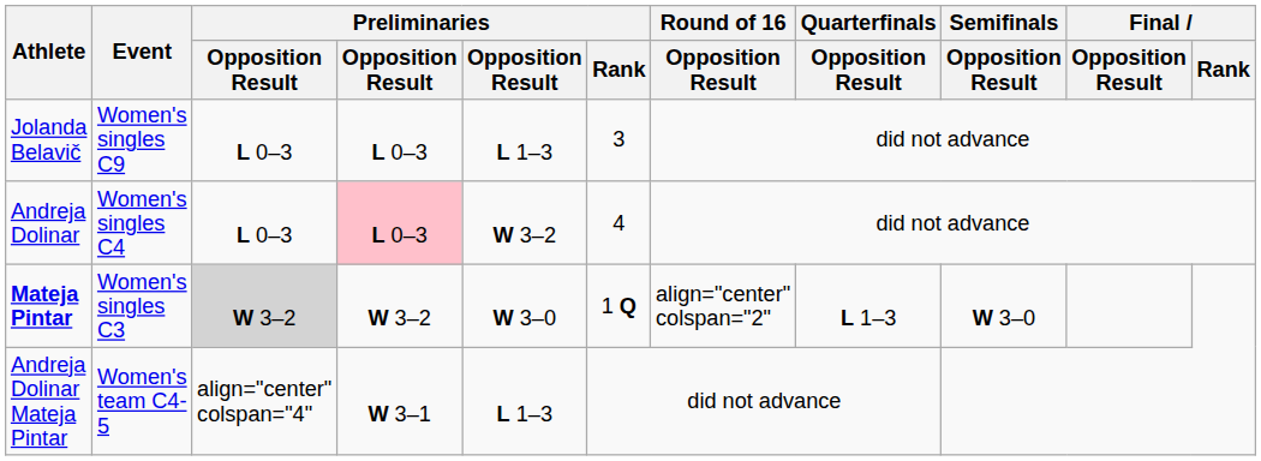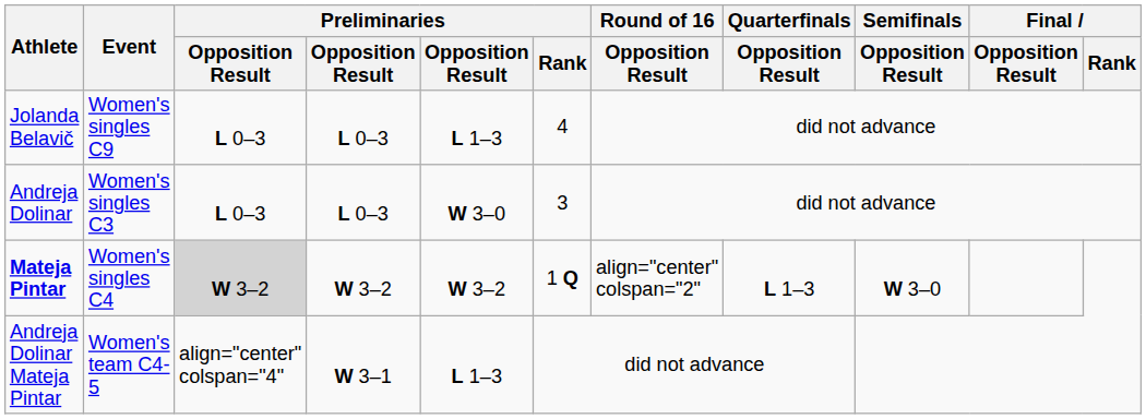 <table class=wikitable style="font-size:90%">
 <tr>
 <th rowspan="2">Athlete</th>
 <th rowspan="2">Event</th>
 <th colspan="4">Preliminaries</th>
 <th>Round of 16</th>
 <th>Quarterfinals</th>
 <th>Semifinals</th>
 <th colspan="2">Final / </th>
 </tr>
 <tr>
 <th>Opposition<br>Result</th>
 <th>Opposition<br>Result</th>
 <th>Opposition<br>Result</th>
 <th>Rank</th>
 <th>Opposition<br>Result</th>
 <th>Opposition<br>Result</th>
 <th>Opposition<br>Result</th>
 <th>Opposition<br>Result</th>
 <th>Rank</th>
 </tr>
 <tr>
 <td><a href='#'>Jolanda Belavič</a></td>
 <td><a href='#'>Women's singles C9</a></td>
 <td align="center"><br><strong>L</strong> 0–3</td>
 <td align="center"><br><strong>L</strong> 0–3</td>
 <td align="center"><br><strong>L</strong> 1–3</td>
-<td align="center">3</td>
+<td align="center">4</td>
 <td align="center" colspan="5">did not advance</td>
 </tr>
 <tr ->
 <td><a href='#'>Andreja Dolinar</a></td>
-<td><a href='#'>Women's singles C4</a></td>
+<td><a href='#'>Women's singles C3</a></td>
 <td align="center"><br><strong>L</strong> 0–3</td>
-<td align="center" style="background: pink;"><br><strong>L</strong> 0–3</td>
-<td align="center"><br><strong>W</strong> 3–2</td>
-<td align="center">4</td>
+<td align="center"><br><strong>L</strong> 0–3</td>
+<td align="center"><br><strong>W</strong> 3–0</td>
+<td align="center">3</td>
 <td align="center" colspan="5">did not advance</td>
 </tr>
 <tr>
 <td><strong><a href='#'>Mateja Pintar</a></strong></td>
-<td><a href='#'>Women's singles C3</a></td>
+<td><a href='#'>Women's singles C4</a></td>
 <td align="center" style="background: lightgrey;"><br><strong>W</strong> 3–2</td>
 <td align="center"><br><strong>W</strong> 3–2</td>
-<td align="center"><br><strong>W</strong> 3–0</td>
+<td align="center"><br><strong>W</strong> 3–2</td>
 <td align="center">1 <strong>Q</strong></td>
 <td>align="center" colspan="2" </td>
 <td align="center"><br><strong>L</strong> 1–3</td>
 <td align="center"><br><strong>W</strong> 3–0</td>
 <td align="center"></td>
 </tr>
 <tr>
 <td><a href='#'>Andreja Dolinar</a><br> <a href='#'>Mateja Pintar</a></td>
 <td><a href='#'>Women's team C4-5</a></td>
 <td>align="center" colspan="4" </td>
 <td align="center"><br><strong>W</strong> 3–1</td>
 <td align="center"><br><strong>L</strong> 1–3</td>
 <td align="center" colspan="3">did not advance</td>
 </tr>
 </table>
